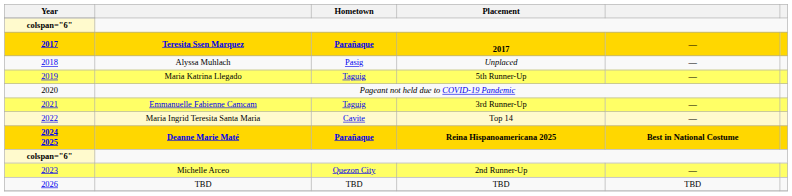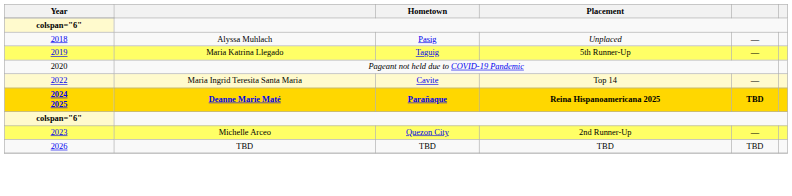 <table class="wikitable sortable" style="font-size: 85%; text-align:center; width:100%;">
 <tr>
 <th>Year</th>
 <th></th>
 <th>Hometown</th>
 <th>Placement</th>
 <th></th>
 <th></th>
 </tr>
 <tr>
 </tr>
 <tr style="background-color:#FFFACD; font-weight: bold">
 <td>colspan="6" </td>
-</tr>
-<tr style="background:gold; font-weight:bold">
-<td><a href='#'>2017</a></td>
-<td><a href='#'>Teresita Ssen Marquez</a></td>
-<td><a href='#'>Parañaque</a></td>
-<td><br>2017</td>
-<td>—</td>
-<td></td>
 </tr>
 <tr>
 <td><a href='#'>2018</a></td>
 <td>Alyssa Muhlach</td>
 <td><a href='#'>Pasig</a></td>
 <td><em>Unplaced</em></td>
 <td>—</td>
 <td></td>
 </tr>
 <tr style="background:#FFFF66">
 <td><a href='#'>2019</a></td>
 <td>Maria Katrina Llegado</td>
 <td><a href='#'>Taguig</a></td>
 <td>5th Runner-Up</td>
 <td>—</td>
 <td></td>
 </tr>
 <tr>
 <td>2020</td>
 <td colspan="4"><em>Pageant not held due to <a href='#'>COVID-19 Pandemic</a></em></td>
 <td></td>
 </tr>
-<tr style="background:#FFFF66">
-<td><a href='#'>2021</a></td>
-<td><a href='#'>Emmanuelle Fabienne Camcam</a></td>
-<td><a href='#'>Taguig</a></td>
-<td>3rd Runner-Up</td>
-<td>—</td>
-<td></td>
-</tr>
 <tr style="background:#FFFACD;">
 <td><a href='#'>2022</a></td>
 <td>Maria Ingrid Teresita Santa Maria</td>
 <td><a href='#'>Cavite</a></td>
 <td>Top 14</td>
 <td>—</td>
 <td></td>
 </tr>
 <tr style="background:gold; font-weight:bold">
 <td><a href='#'>2024 <br> 2025</a></td>
 <td><a href='#'>Deanne Marie Maté</a></td>
 <td><a href='#'>Parañaque</a></td>
 <td>Reina Hispanoamericana 2025</td>
-<td>Best in National Costume</td>
+<td>TBD</td>
 <td></td>
 </tr>
 <tr style="background-color:#FFFACD; font-weight: bold">
 <td>colspan="6" </td>
 </tr>
 <tr style="background:#FFFF66">
 <td><a href='#'>2023</a></td>
 <td>Michelle Arceo</td>
 <td><a href='#'>Quezon City</a></td>
 <td>2nd Runner-Up</td>
 <td>—</td>
 <td></td>
 </tr>
 <tr>
 <td><a href='#'>2026</a></td>
 <td>TBD</td>
 <td>TBD</td>
 <td>TBD</td>
 <td>TBD</td>
 <td></td>
 </tr>
 <tr>
 </tr>
 </table>
